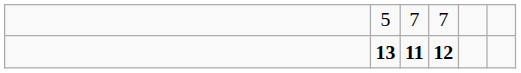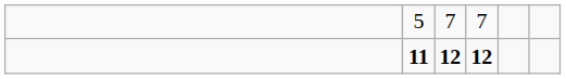 <table class="wikitable">
 <tr>
 <td style="width:18em"></td>
 <td align=center style="width:1em">5</td>
 <td align=center style="width:1em">7</td>
 <td align=center style="width:1em">7</td>
 <td align=center style="width:1em"></td>
 <td align=center style="width:1em"></td>
 </tr>
 <tr>
 <td style="width:18em"></td>
-<td align=center style="width:1em"><strong>13</strong></td>
 <td align=center style="width:1em"><strong>11</strong></td>
+<td align=center style="width:1em"><strong>12</strong></td>
 <td align=center style="width:1em"><strong>12</strong></td>
 <td align=center style="width:1em"></td>
 <td align=center style="width:1em"></td>
 </tr>
 </table>
